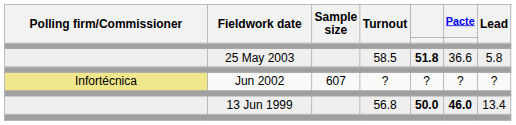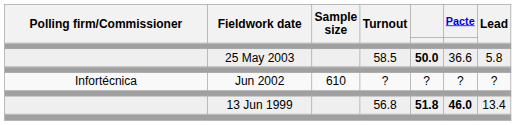 <table class="wikitable collapsible collapsed" style="text-align:center; font-size:95%; line-height:16px;">
 <tr style="height:42px;">
 <th style="width:250px;" rowspan="2">Polling firm/Commissioner</th>
 <th style="width:125px;" rowspan="2">Fieldwork date</th>
 <th style="width:50px;" rowspan="2">Sample size</th>
 <th style="width:45px;" rowspan="2">Turnout</th>
 <th style="width:35px;"></th>
 <th style="width:35px; font-size:90%;"><a href='#'>Pacte</a></th>
 <th style="width:30px;" rowspan="2">Lead</th>
 </tr>
 <tr>
 <th style="color:inherit;background:"></th>
 <th style="color:inherit;background:"></th>
 </tr>
 <tr>
 <td colspan="7" style="background:#A0A0A0"></td>
 </tr>
 <tr style="background:#EFEFEF;">
 <td><strong></strong></td>
 <td>25 May 2003</td>
 <td></td>
 <td>58.5</td>
-<td><strong>51.8</strong><br></td>
+<td><strong>50.0</strong><br></td>
 <td>36.6<br></td>
 <td style="background:">5.8</td>
 </tr>
 <tr>
 <td colspan="7" style="background:#A0A0A0"></td>
 </tr>
 <tr>
-<td style="background: khaki;">Infortécnica</td>
+<td>Infortécnica</td>
 <td>Jun 2002</td>
-<td>607</td>
+<td>610</td>
 <td>?</td>
 <td>?<br></td>
 <td>?<br></td>
 <td style="background:">?</td>
 </tr>
 <tr>
 <td colspan="7" style="background:#A0A0A0"></td>
 </tr>
 <tr style="background:#EFEFEF;">
 <td><strong></strong></td>
 <td>13 Jun 1999</td>
 <td></td>
 <td>56.8</td>
-<td><strong>50.0</strong><br></td>
+<td><strong>51.8</strong><br></td>
 <td><strong>46.0<br></strong></td>
 <td style="background:">13.4</td>
 </tr>
 <tr>
 <td colspan="7" style="background:#A0A0A0"></td>
 </tr>
 </table>
